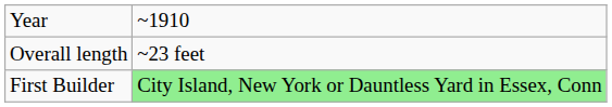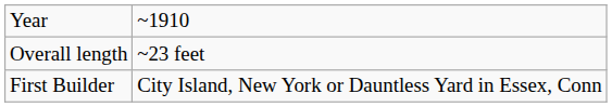 <table class=wikitable>
 <tr>
 <td>Year</td>
 <td>~1910</td>
 </tr>
 <tr>
 <td>Overall length</td>
 <td>~23 feet</td>
 </tr>
 <tr>
 <td>First Builder</td>
-<td style="background: lightgreen;">City Island, New York or Dauntless Yard in Essex, Conn</td>
+<td>City Island, New York or Dauntless Yard in Essex, Conn</td>
 </tr>
 </table>
